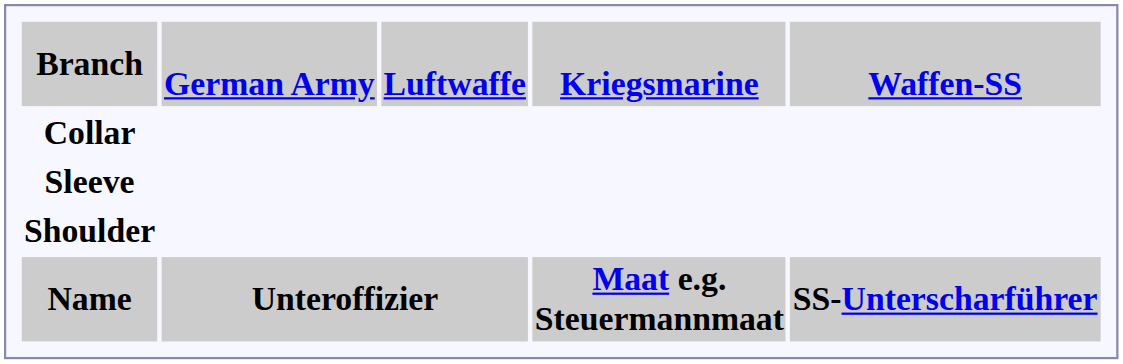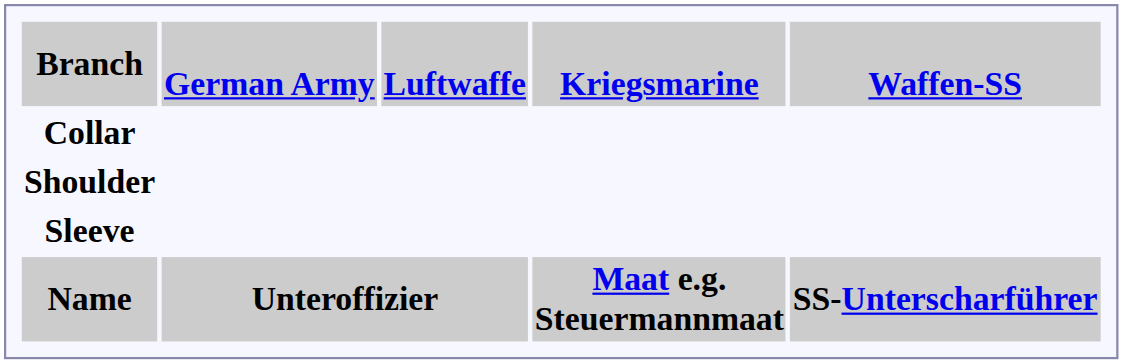 <table style="border:1px solid #8888aa; background-color:#f7f8ff; padding:5px; font-size:95%; margin: 0px 12px 12px 0px;">
 <tr bgcolor="#CCCCCC">
 <th>Branch</th>
 <th><br><a href='#'>German Army</a></th>
 <th><br><a href='#'>Luftwaffe</a></th>
 <th><br><a href='#'>Kriegsmarine</a></th>
 <th><br><a href='#'>Waffen-SS</a></th>
 </tr>
 <tr style="text-align:center;">
 <th>Collar</th>
 <td></td>
 <td></td>
 <td></td>
 <td></td>
 </tr>
 <tr style="text-align:center;">
-<th>Sleeve</th>
+<th>Shoulder</th>
 <td></td>
 <td></td>
 <td></td>
 <td></td>
 </tr>
 <tr style="text-align:center;">
-<th>Shoulder</th>
+<th>Sleeve</th>
 <td></td>
 <td></td>
 <td></td>
 <td></td>
 </tr>
 <tr bgcolor="#CCCCCC" ; style="text-align:center;">
 <th>Name</th>
 <th colspan=2><strong>Unteroffizier</strong></th>
 <th><a href='#'>Maat</a> e.g.<br>Steuermannmaat</th>
 <th>SS-<a href='#'>Unterscharführer</a></th>
 </tr>
 </table>
